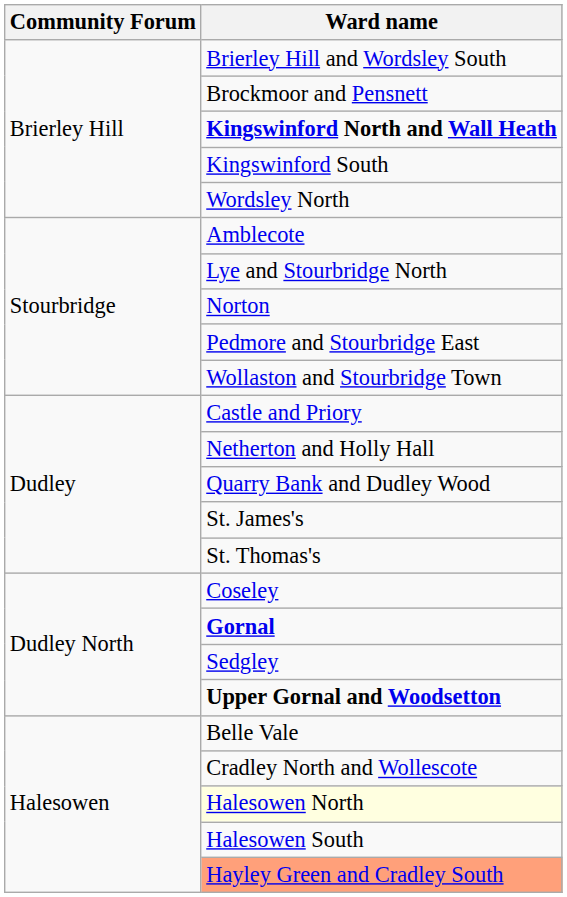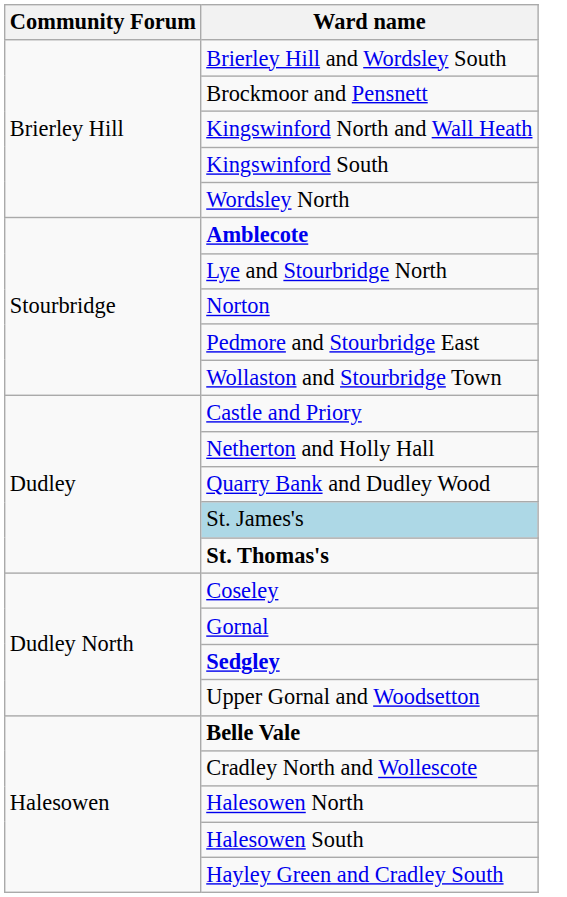 <table class="wikitable">
 <tr>
 <th>Community Forum</th>
 <th>Ward name</th>
 </tr>
 <tr>
 <td rowspan="5">Brierley Hill</td>
 <td><a href='#'>Brierley Hill</a> and <a href='#'>Wordsley</a> South</td>
 </tr>
 <tr>
 <td>Brockmoor and <a href='#'>Pensnett</a></td>
 </tr>
 <tr>
-<td><strong><a href='#'>Kingswinford</a> North and <a href='#'>Wall Heath</a></strong></td>
+<td><a href='#'>Kingswinford</a> North and <a href='#'>Wall Heath</a></td>
 </tr>
 <tr>
 <td><a href='#'>Kingswinford</a> South</td>
 </tr>
 <tr>
 <td><a href='#'>Wordsley</a> North</td>
 </tr>
 <tr>
 <td rowspan="5">Stourbridge</td>
-<td><a href='#'>Amblecote</a></td>
+<td><strong><a href='#'>Amblecote</a></strong></td>
 </tr>
 <tr>
 <td><a href='#'>Lye</a> and <a href='#'>Stourbridge</a> North</td>
 </tr>
 <tr>
 <td><a href='#'>Norton</a></td>
 </tr>
 <tr>
 <td><a href='#'>Pedmore</a> and <a href='#'>Stourbridge</a> East</td>
 </tr>
 <tr>
 <td><a href='#'>Wollaston</a> and <a href='#'>Stourbridge</a> Town</td>
 </tr>
 <tr>
 <td rowspan="5">Dudley</td>
 <td><a href='#'>Castle and Priory</a></td>
 </tr>
 <tr>
 <td><a href='#'>Netherton</a> and Holly Hall</td>
 </tr>
 <tr>
 <td><a href='#'>Quarry Bank</a> and Dudley Wood</td>
 </tr>
 <tr>
-<td>St. James's</td>
+<td style="background: lightblue;">St. James's</td>
 </tr>
 <tr>
-<td>St. Thomas's</td>
+<td><strong>St. Thomas's</strong></td>
 </tr>
 <tr>
 <td rowspan="4">Dudley North</td>
 <td><a href='#'>Coseley</a></td>
 </tr>
 <tr>
-<td><strong><a href='#'>Gornal</a></strong></td>
+<td><a href='#'>Gornal</a></td>
 </tr>
 <tr>
-<td><a href='#'>Sedgley</a></td>
+<td><strong><a href='#'>Sedgley</a></strong></td>
 </tr>
 <tr>
-<td><strong>Upper Gornal and <a href='#'>Woodsetton</a></strong></td>
+<td>Upper Gornal and <a href='#'>Woodsetton</a></td>
 </tr>
 <tr>
 <td rowspan="5">Halesowen</td>
-<td>Belle Vale</td>
+<td><strong>Belle Vale</strong></td>
 </tr>
 <tr>
 <td>Cradley North and <a href='#'>Wollescote</a></td>
 </tr>
 <tr>
-<td style="background: lightyellow;"><a href='#'>Halesowen</a> North</td>
+<td><a href='#'>Halesowen</a> North</td>
 </tr>
 <tr>
 <td><a href='#'>Halesowen</a> South</td>
 </tr>
 <tr>
-<td style="background: lightsalmon;"><a href='#'>Hayley Green and Cradley South</a></td>
+<td><a href='#'>Hayley Green and Cradley South</a></td>
 </tr>
 </table>
